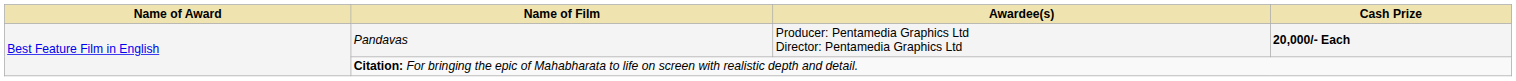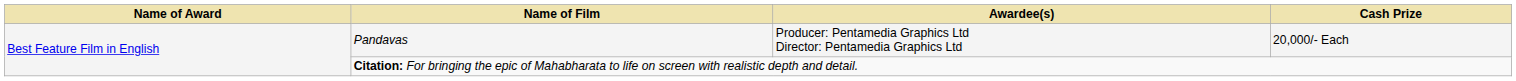 <table class="wikitable" style="width:100%">
 <tr>
 <th style="background-color:#EFE4B0;width:23%;">Name of Award</th>
 <th style="background-color:#EFE4B0;width:28%;">Name of Film</th>
 <th style="background-color:#EFE4B0;width:33%;">Awardee(s)</th>
 <th style="background-color:#EFE4B0;width:16%;">Cash Prize</th>
 </tr>
 <tr style="background-color:#F4F4F4">
 <td rowspan="2"><a href='#'>Best Feature Film in English</a></td>
 <td><em>Pandavas</em></td>
 <td>Producer: Pentamedia Graphics Ltd<br>Director: Pentamedia Graphics Ltd</td>
-<td><strong> 20,000/- Each</strong></td>
+<td> 20,000/- Each</td>
 </tr>
 <tr style="background-color:#F9F9F9">
 <td colspan="3"><strong>Citation:</strong> <em>For bringing the epic of Mahabharata to life on screen with realistic depth and detail.</em></td>
 </tr>
 </table>
